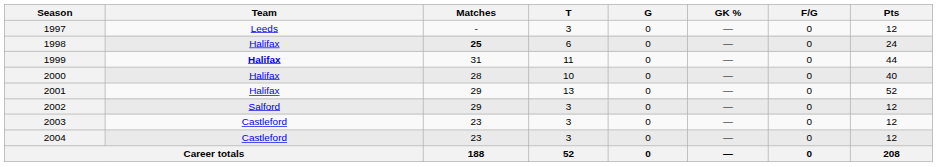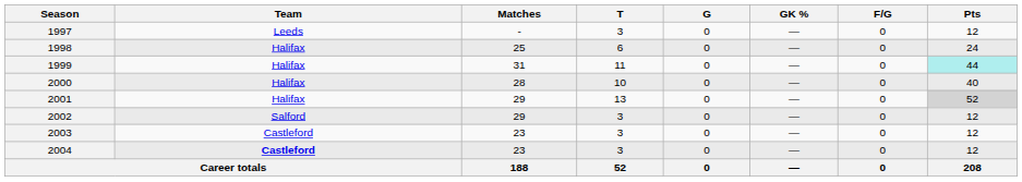 <table class="wikitable sortable"  style="font-size:90%; text-align:center; width:85%;">
 <tr>
 <th width=2%>Season</th>
 <th width=8%>Team</th>
 <th width=2%>Matches</th>
 <th width=2%>T</th>
 <th width=2%>G</th>
 <th width=2%>GK %</th>
 <th width=2%>F/G</th>
 <th width=2%>Pts</th>
 </tr>
 <tr>
 <th scope="row" style="text-align:center; font-weight:normal">1997</th>
 <td style="text-align:center;"> <a href='#'>Leeds</a></td>
 <td>-</td>
 <td>3</td>
 <td>0</td>
 <td>—</td>
 <td>0</td>
 <td>12</td>
 </tr>
 <tr style="background-color: #EAEAEA">
 <th scope="row" style="text-align:center; font-weight:normal">1998</th>
 <td style="text-align:center;"> <a href='#'>Halifax</a></td>
-<td><strong>25</strong></td>
+<td>25</td>
 <td>6</td>
 <td>0</td>
 <td>—</td>
 <td>0</td>
 <td>24</td>
 </tr>
 <tr>
 <th scope="row" style="text-align:center; font-weight:normal">1999</th>
-<td style="text-align:center;"><strong> <a href='#'>Halifax</a></strong></td>
+<td style="text-align:center;"> <a href='#'>Halifax</a></td>
 <td>31</td>
 <td>11</td>
 <td>0</td>
 <td>—</td>
 <td>0</td>
-<td>44</td>
+<td style="background: paleturquoise;">44</td>
 </tr>
 <tr style="background-color: #EAEAEA">
 <th scope="row" style="text-align:center; font-weight:normal">2000</th>
 <td style="text-align:center;"> <a href='#'>Halifax</a></td>
 <td>28</td>
 <td>10</td>
 <td>0</td>
 <td>—</td>
 <td>0</td>
 <td>40</td>
 </tr>
 <tr>
 <th scope="row" style="text-align:center; font-weight:normal">2001</th>
 <td style="text-align:center;"> <a href='#'>Halifax</a></td>
 <td>29</td>
 <td>13</td>
 <td>0</td>
 <td>—</td>
 <td>0</td>
-<td>52</td>
+<td style="background: lightgrey;">52</td>
 </tr>
 <tr style="background-color: #EAEAEA">
 <th scope="row" style="text-align:center; font-weight:normal">2002</th>
 <td style="text-align:center;"> <a href='#'>Salford</a></td>
 <td>29</td>
 <td>3</td>
 <td>0</td>
 <td>—</td>
 <td>0</td>
 <td>12</td>
 </tr>
 <tr>
 <th scope="row" style="text-align:center; font-weight:normal">2003</th>
 <td style="text-align:center;"> <a href='#'>Castleford</a></td>
 <td>23</td>
 <td>3</td>
 <td>0</td>
 <td>—</td>
 <td>0</td>
 <td>12</td>
 </tr>
 <tr style="background-color: #EAEAEA">
 <th scope="row" style="text-align:center; font-weight:normal">2004</th>
-<td style="text-align:center;"> <a href='#'>Castleford</a></td>
+<td style="text-align:center;"><strong> <a href='#'>Castleford</a></strong></td>
 <td>23</td>
 <td>3</td>
 <td>0</td>
 <td>—</td>
 <td>0</td>
 <td>12</td>
 </tr>
 <tr class="sortbottom">
 <th colspan=2>Career totals</th>
 <th>188</th>
 <th>52</th>
 <th>0</th>
 <th>—</th>
 <th>0</th>
 <th>208</th>
 </tr>
 </table>
